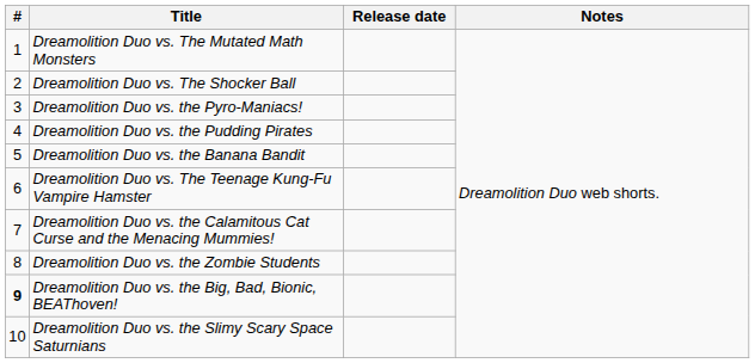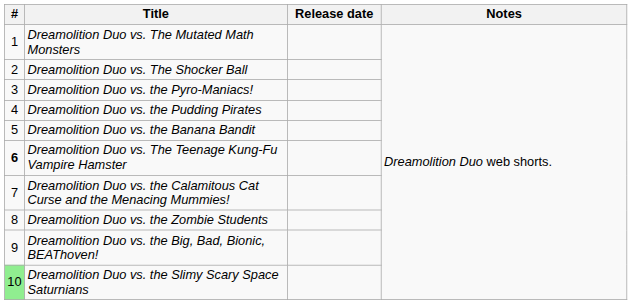 <table class="wikitable sortable">
 <tr>
 <th width=10>#</th>
 <th width=321>Title</th>
 <th width=110>Release date</th>
 <th width=300>Notes</th>
 </tr>
 <tr>
 <td align="center">1</td>
 <td><em>Dreamolition Duo vs. The Mutated Math Monsters</em></td>
 <td align="right"></td>
 <td rowspan="10"><em>Dreamolition Duo</em> web shorts.</td>
 </tr>
 <tr>
 <td align="center">2</td>
 <td><em>Dreamolition Duo vs. The Shocker Ball</em></td>
 <td align="right"></td>
 </tr>
 <tr>
 <td align="center">3</td>
 <td><em>Dreamolition Duo vs. the Pyro-Maniacs!</em></td>
 <td align="right"></td>
 </tr>
 <tr>
 <td align="center">4</td>
 <td><em>Dreamolition Duo vs. the Pudding Pirates</em></td>
 <td align="right"></td>
 </tr>
 <tr>
 <td align="center">5</td>
 <td><em>Dreamolition Duo vs. the Banana Bandit</em></td>
 <td align="right"></td>
 </tr>
 <tr>
-<td align="center">6</td>
+<td align="center"><strong>6</strong></td>
 <td><em>Dreamolition Duo vs. The Teenage Kung-Fu Vampire Hamster</em></td>
 <td align="right"></td>
 </tr>
 <tr>
 <td align="center">7</td>
 <td><em>Dreamolition Duo vs. the Calamitous Cat Curse and the Menacing Mummies!</em></td>
 <td align="right"></td>
 </tr>
 <tr>
 <td align="center">8</td>
 <td><em>Dreamolition Duo vs. the Zombie Students</em></td>
 <td align="right"></td>
 </tr>
 <tr>
-<td align="center"><strong>9</strong></td>
+<td align="center">9</td>
 <td><em>Dreamolition Duo vs. the Big, Bad, Bionic, BEAThoven!</em></td>
 <td align="right"></td>
 </tr>
 <tr>
-<td align="center">10</td>
+<td align="center" style="background: lightgreen;">10</td>
 <td><em>Dreamolition Duo vs. the Slimy Scary Space Saturnians</em></td>
 <td align="right"></td>
 </tr>
 </table>
